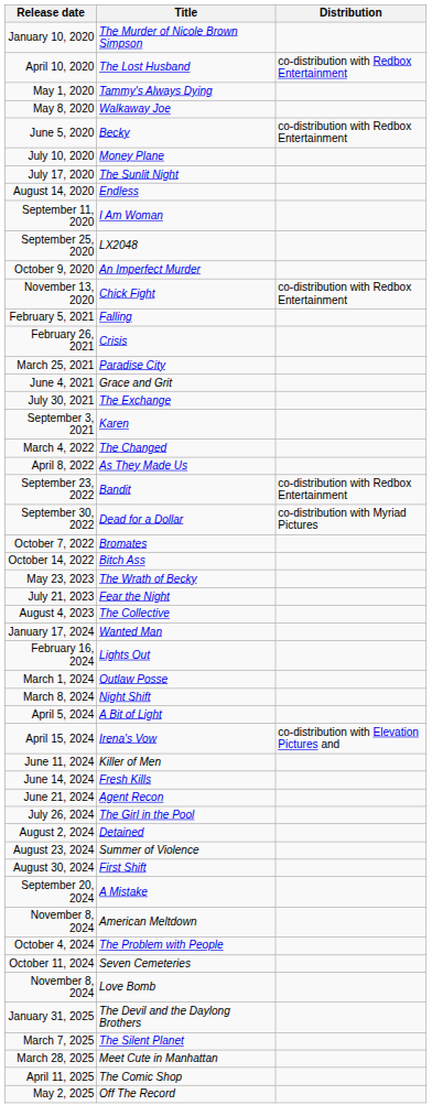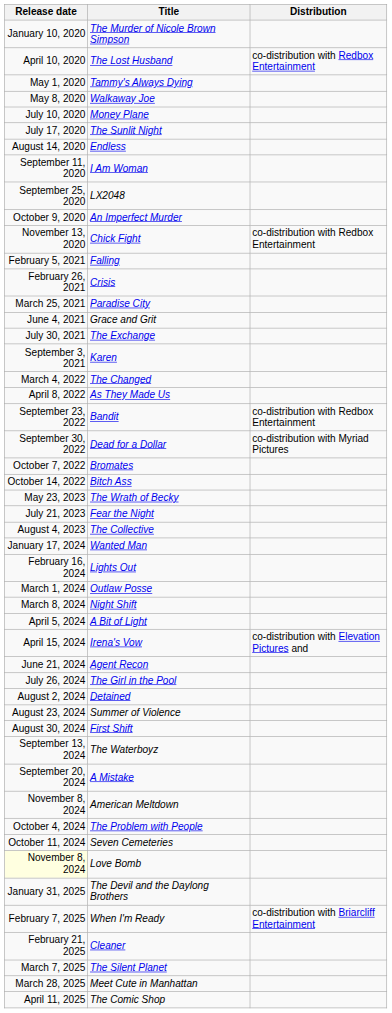 <table class="wikitable sortable">
 <tr>
 <th style="width:125px;">Release date</th>
 <th style="width:250px;">Title</th>
 <th>Distribution</th>
 </tr>
 <tr>
 <td style="text-align:right;">January 10, 2020</td>
 <td><em><a href='#'>The Murder of Nicole Brown Simpson</a></em></td>
 <td></td>
 </tr>
 <tr>
 <td style="text-align:right;">April 10, 2020</td>
 <td><em><a href='#'>The Lost Husband</a></em></td>
 <td>co-distribution with <a href='#'>Redbox Entertainment</a></td>
 </tr>
 <tr>
 <td style="text-align:right;">May 1, 2020</td>
 <td><em><a href='#'>Tammy's Always Dying</a></em></td>
 <td></td>
 </tr>
 <tr>
 <td style="text-align:right;">May 8, 2020</td>
 <td><em><a href='#'>Walkaway Joe</a></em></td>
 <td></td>
-</tr>
-<tr>
-<td style="text-align:right;">June 5, 2020</td>
-<td><em><a href='#'>Becky</a></em></td>
-<td>co-distribution with Redbox Entertainment</td>
 </tr>
 <tr>
 <td style="text-align:right;">July 10, 2020</td>
 <td><em><a href='#'>Money Plane</a></em></td>
 <td></td>
 </tr>
 <tr>
 <td style="text-align:right;">July 17, 2020</td>
 <td><em><a href='#'>The Sunlit Night</a></em></td>
 <td></td>
 </tr>
 <tr>
 <td style="text-align:right;">August 14, 2020</td>
 <td><em><a href='#'>Endless</a></em></td>
 <td></td>
 </tr>
 <tr>
 <td style="text-align:right;">September 11, 2020</td>
 <td><em><a href='#'>I Am Woman</a></em></td>
 <td></td>
 </tr>
 <tr>
 <td style="text-align:right;">September 25, 2020</td>
 <td><em>LX2048</em></td>
 <td></td>
 </tr>
 <tr>
 <td style="text-align:right;">October 9, 2020</td>
 <td><em><a href='#'>An Imperfect Murder</a></em></td>
 <td></td>
 </tr>
 <tr>
 <td style="text-align:right;">November 13, 2020</td>
 <td><em><a href='#'>Chick Fight</a></em></td>
 <td>co-distribution with Redbox Entertainment</td>
 </tr>
 <tr>
 <td style="text-align:right;">February 5, 2021</td>
 <td><em><a href='#'>Falling</a></em></td>
 <td></td>
 </tr>
 <tr>
 <td style="text-align:right;">February 26, 2021</td>
 <td><em><a href='#'>Crisis</a></em></td>
 <td></td>
 </tr>
 <tr>
 <td style="text-align:right;">March 25, 2021</td>
 <td><em><a href='#'>Paradise City</a></em></td>
 <td></td>
 </tr>
 <tr>
 <td style="text-align:right;">June 4, 2021</td>
 <td><em>Grace and Grit</em></td>
 <td></td>
 </tr>
 <tr>
 <td style="text-align:right;">July 30, 2021</td>
 <td><em><a href='#'>The Exchange</a></em></td>
 <td></td>
 </tr>
 <tr>
 <td style="text-align:right;">September 3, 2021</td>
 <td><em><a href='#'>Karen</a></em></td>
 <td></td>
 </tr>
 <tr>
 <td style="text-align:right;">March 4, 2022</td>
 <td><em><a href='#'>The Changed</a></em></td>
 <td></td>
 </tr>
 <tr>
 <td style="text-align:right;">April 8, 2022</td>
 <td><em><a href='#'>As They Made Us</a></em></td>
 <td></td>
 </tr>
 <tr>
 <td style="text-align:right;">September 23, 2022</td>
 <td><em><a href='#'>Bandit</a></em></td>
 <td>co-distribution with Redbox Entertainment</td>
 </tr>
 <tr>
 <td style="text-align:right;">September 30, 2022</td>
 <td><em><a href='#'>Dead for a Dollar</a></em></td>
 <td>co-distribution with Myriad Pictures</td>
 </tr>
 <tr>
 <td style="text-align:right;">October 7, 2022</td>
 <td><em><a href='#'>Bromates</a></em></td>
 <td></td>
 </tr>
 <tr>
 <td style="text-align:right;">October 14, 2022</td>
 <td><em><a href='#'>Bitch Ass</a></em></td>
 <td></td>
 </tr>
 <tr>
 <td style="text-align:right;">May 23, 2023</td>
 <td><em><a href='#'>The Wrath of Becky</a></em></td>
 <td></td>
 </tr>
 <tr>
 <td style="text-align:right;">July 21, 2023</td>
 <td><em><a href='#'>Fear the Night</a></em></td>
 <td></td>
 </tr>
 <tr>
 <td style="text-align:right;">August 4, 2023</td>
 <td><em><a href='#'>The Collective</a></em></td>
 <td></td>
 </tr>
 <tr>
 <td style="text-align:right;">January 17, 2024</td>
 <td><em><a href='#'>Wanted Man</a></em></td>
 <td></td>
 </tr>
 <tr>
 <td style="text-align:right;">February 16, 2024</td>
 <td><em><a href='#'>Lights Out</a></em></td>
 <td></td>
 </tr>
 <tr>
 <td style="text-align:right;">March 1, 2024</td>
 <td><em><a href='#'>Outlaw Posse</a></em></td>
 <td></td>
 </tr>
 <tr>
 <td style="text-align:right;">March 8, 2024</td>
 <td><em><a href='#'>Night Shift</a></em></td>
 <td></td>
 </tr>
 <tr>
 <td style="text-align:right;">April 5, 2024</td>
 <td><em><a href='#'>A Bit of Light</a></em></td>
 <td></td>
 </tr>
 <tr>
 <td style="text-align:right;">April 15, 2024</td>
 <td><em><a href='#'>Irena's Vow</a></em></td>
 <td>co-distribution with <a href='#'>Elevation Pictures</a> and </td>
 </tr>
 <tr>
-<td style="text-align:right;">June 11, 2024</td>
-<td><em>Killer of Men</em></td>
-<td></td>
-</tr>
-<tr>
-<td style="text-align:right;">June 14, 2024</td>
-<td><em><a href='#'>Fresh Kills</a></em></td>
-<td></td>
-</tr>
-<tr>
 <td style="text-align:right;">June 21, 2024</td>
 <td><em><a href='#'>Agent Recon</a></em></td>
 <td></td>
 </tr>
 <tr>
 <td style="text-align:right;">July 26, 2024</td>
 <td><em><a href='#'>The Girl in the Pool</a></em></td>
 <td></td>
 </tr>
 <tr>
 <td style="text-align:right;">August 2, 2024</td>
 <td><em><a href='#'>Detained</a></em></td>
 <td></td>
 </tr>
 <tr>
 <td style="text-align:right;">August 23, 2024</td>
 <td><em>Summer of Violence</em></td>
 <td></td>
 </tr>
 <tr>
 <td style="text-align:right;">August 30, 2024</td>
 <td><em><a href='#'>First Shift</a></em></td>
 <td></td>
 </tr>
 <tr>
+<td style="text-align:right;">September 13, 2024</td>
+<td><em>The Waterboyz</em></td>
+<td></td>
+</tr>
+<tr>
 <td style="text-align:right;">September 20, 2024</td>
 <td><em><a href='#'>A Mistake</a></em></td>
 <td></td>
 </tr>
 <tr>
 <td style="text-align:right;">November 8, 2024</td>
 <td><em>American Meltdown</em></td>
 <td></td>
 </tr>
 <tr>
 <td style="text-align:right;">October 4, 2024</td>
 <td><em><a href='#'>The Problem with People</a></em></td>
 <td></td>
 </tr>
 <tr>
 <td style="text-align:right;">October 11, 2024</td>
 <td><em>Seven Cemeteries</em></td>
 <td></td>
 </tr>
 <tr>
-<td style="text-align:right;">November 8, 2024</td>
+<td style="background: lightyellow; text-align:right;">November 8, 2024</td>
 <td><em>Love Bomb</em></td>
 <td></td>
 </tr>
 <tr>
 <td style="text-align:right;">January 31, 2025</td>
 <td><em>The Devil and the Daylong Brothers</em></td>
+<td></td>
+</tr>
+<tr>
+<td style="text-align:right;">February 7, 2025</td>
+<td><em>When I'm Ready</em></td>
+<td>co-distribution with <a href='#'>Briarcliff Entertainment</a></td>
+</tr>
+<tr>
+<td style="text-align:right;">February 21, 2025</td>
+<td><em><a href='#'>Cleaner</a></em></td>
 <td></td>
 </tr>
 <tr>
 <td style="text-align:right;">March 7, 2025</td>
 <td><em><a href='#'>The Silent Planet</a></em></td>
 <td></td>
 </tr>
 <tr>
 <td style="text-align:right;">March 28, 2025</td>
 <td><em>Meet Cute in Manhattan</em></td>
 <td></td>
 </tr>
 <tr>
 <td style="text-align: right;">April 11, 2025</td>
 <td><em>The Comic Shop</em></td>
 <td></td>
 </tr>
-<tr>
-<td style="text-align: right;">May 2, 2025</td>
-<td><em>Off The Record</em></td>
-<td></td>
-</tr>
 </table>
